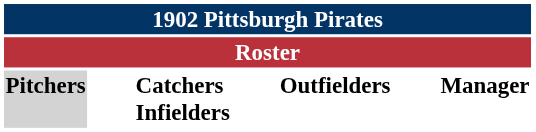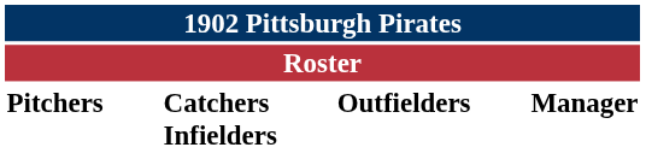 <table class="toccolours" style="font-size: 95%;">
 <tr>
 <th colspan="10" style="background-color: #023465; color: white; text-align: center;">1902 Pittsburgh Pirates</th>
 </tr>
 <tr>
 <td colspan="10" style="background-color: #ba313c; color: white; text-align: center;"><strong>Roster</strong></td>
 </tr>
 <tr>
-<td valign="top" style="background: lightgrey;"><strong>Pitchers</strong><br>       </td>
+<td valign="top"><strong>Pitchers</strong><br>       </td>
 <td width="25px"></td>
 <td valign="top"><strong>Catchers</strong><br>      <strong>Infielders</strong>      </td>
 <td width="25px"></td>
 <td valign="top"><strong>Outfielders</strong><br>      </td>
 <td width="25px"></td>
 <td valign="top"><strong>Manager</strong><br></td>
 </tr>
 </table>
